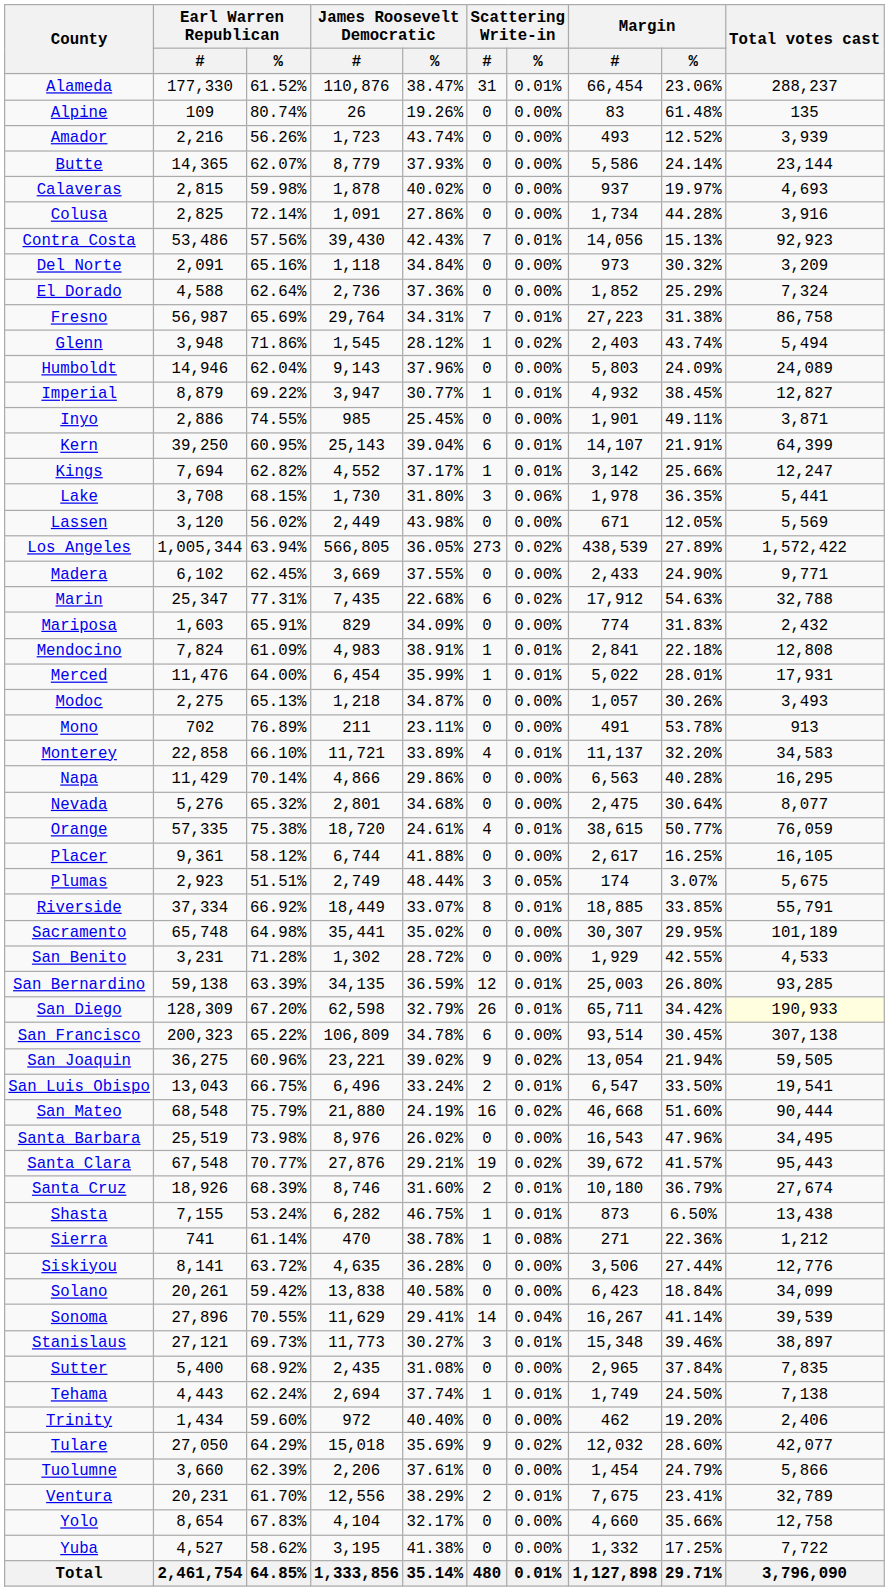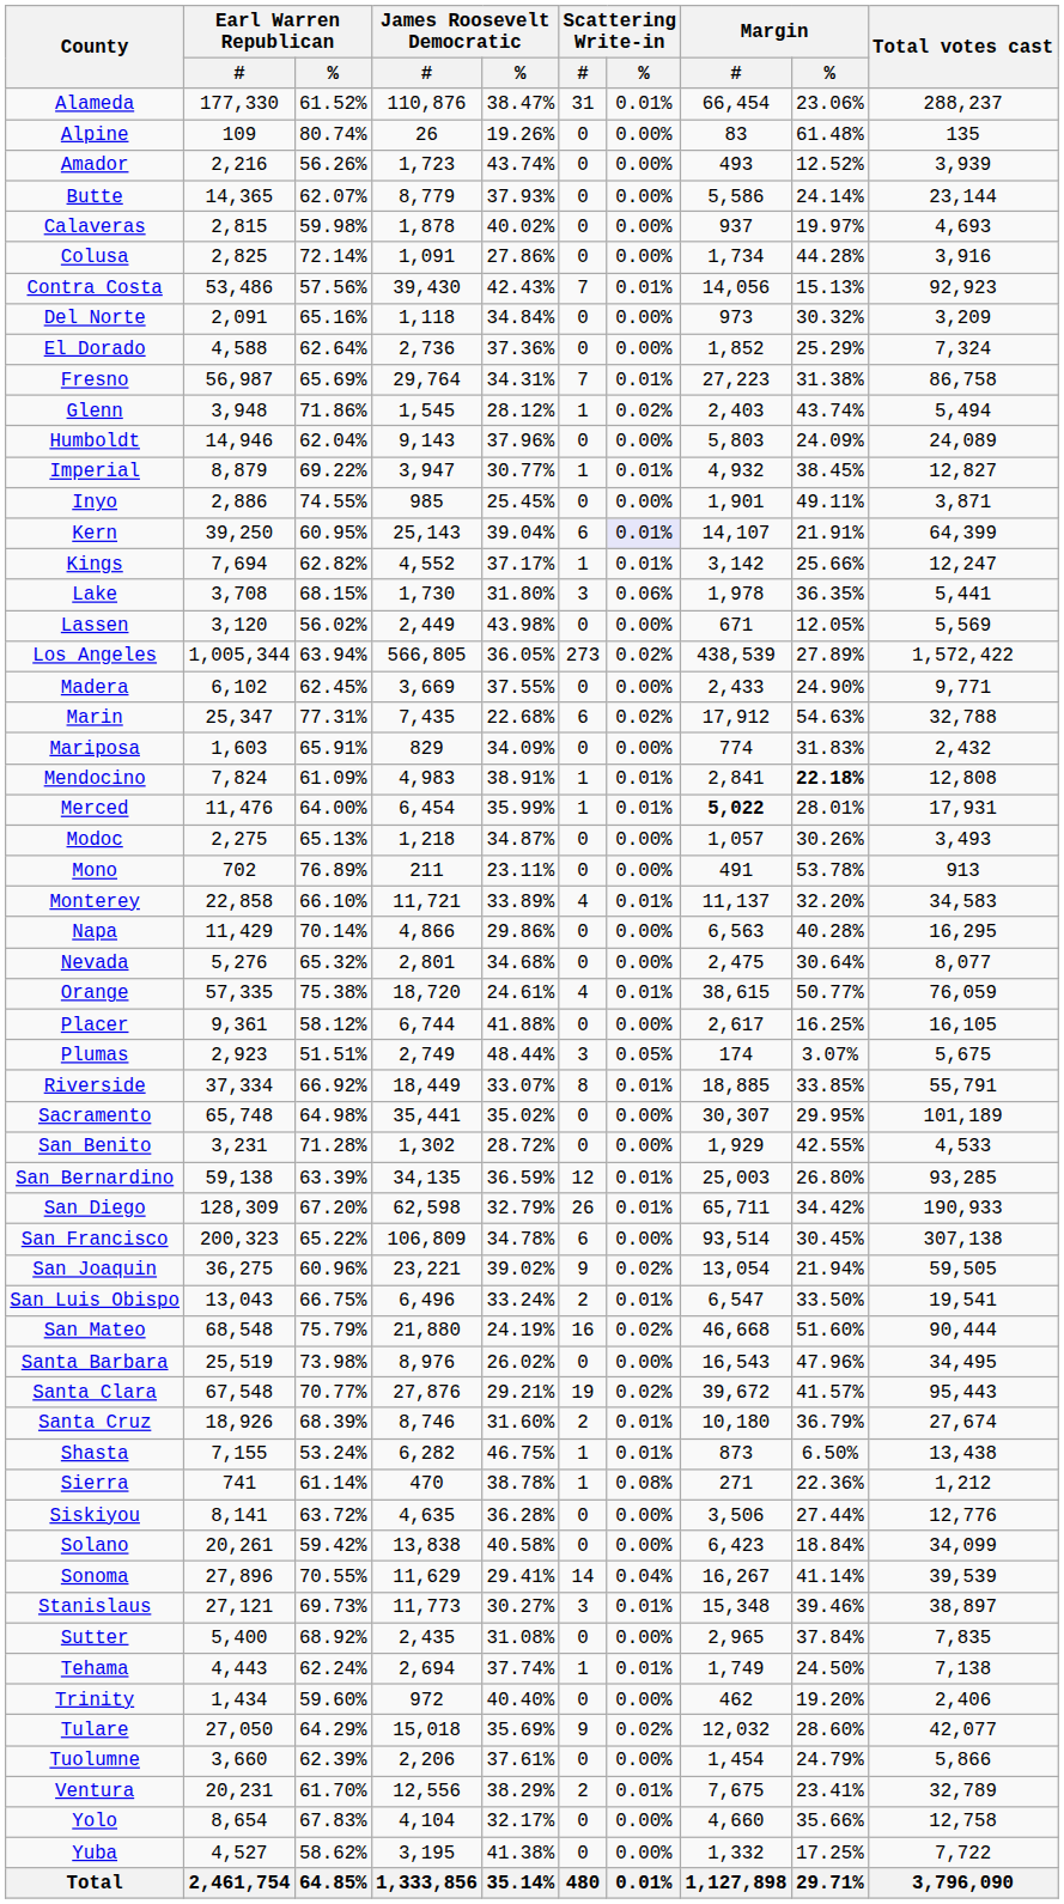 <table class="wikitable sortable" style="text-align:center">
 <tr>
 <th rowspan="2">County</th>
 <th style="text-align:center;" colspan="2">Earl Warren<br>Republican</th>
 <th style="text-align:center;" colspan="2">James Roosevelt<br>Democratic</th>
 <th style="text-align:center;" colspan="2">Scattering<br>Write-in</th>
 <th style="text-align:center;" colspan="2">Margin</th>
 <th style="text-align:center;" rowspan="2">Total votes cast</th>
 </tr>
 <tr>
 <th style="text-align:center;" data-sort-type="number">#</th>
 <th style="text-align:center;" data-sort-type="number">%</th>
 <th style="text-align:center;" data-sort-type="number">#</th>
 <th style="text-align:center;" data-sort-type="number">%</th>
 <th style="text-align:center;" data-sort-type="number">#</th>
 <th style="text-align:center;" data-sort-type="number">%</th>
 <th style="text-align:center;" data-sort-type="number">#</th>
 <th style="text-align:center;" data-sort-type="number">%</th>
 </tr>
 <tr style="text-align:center;">
 <td><a href='#'>Alameda</a></td>
 <td>177,330</td>
 <td>61.52%</td>
 <td>110,876</td>
 <td>38.47%</td>
 <td>31</td>
 <td>0.01%</td>
 <td>66,454</td>
 <td>23.06%</td>
 <td>288,237</td>
 </tr>
 <tr style="text-align:center;">
 <td><a href='#'>Alpine</a></td>
 <td>109</td>
 <td>80.74%</td>
 <td>26</td>
 <td>19.26%</td>
 <td>0</td>
 <td>0.00%</td>
 <td>83</td>
 <td>61.48%</td>
 <td>135</td>
 </tr>
 <tr style="text-align:center;">
 <td><a href='#'>Amador</a></td>
 <td>2,216</td>
 <td>56.26%</td>
 <td>1,723</td>
 <td>43.74%</td>
 <td>0</td>
 <td>0.00%</td>
 <td>493</td>
 <td>12.52%</td>
 <td>3,939</td>
 </tr>
 <tr style="text-align:center;">
 <td><a href='#'>Butte</a></td>
 <td>14,365</td>
 <td>62.07%</td>
 <td>8,779</td>
 <td>37.93%</td>
 <td>0</td>
 <td>0.00%</td>
 <td>5,586</td>
 <td>24.14%</td>
 <td>23,144</td>
 </tr>
 <tr style="text-align:center;">
 <td><a href='#'>Calaveras</a></td>
 <td>2,815</td>
 <td>59.98%</td>
 <td>1,878</td>
 <td>40.02%</td>
 <td>0</td>
 <td>0.00%</td>
 <td>937</td>
 <td>19.97%</td>
 <td>4,693</td>
 </tr>
 <tr style="text-align:center;">
 <td><a href='#'>Colusa</a></td>
 <td>2,825</td>
 <td>72.14%</td>
 <td>1,091</td>
 <td>27.86%</td>
 <td>0</td>
 <td>0.00%</td>
 <td>1,734</td>
 <td>44.28%</td>
 <td>3,916</td>
 </tr>
 <tr style="text-align:center;">
 <td><a href='#'>Contra Costa</a></td>
 <td>53,486</td>
 <td>57.56%</td>
 <td>39,430</td>
 <td>42.43%</td>
 <td>7</td>
 <td>0.01%</td>
 <td>14,056</td>
 <td>15.13%</td>
 <td>92,923</td>
 </tr>
 <tr style="text-align:center;">
 <td><a href='#'>Del Norte</a></td>
 <td>2,091</td>
 <td>65.16%</td>
 <td>1,118</td>
 <td>34.84%</td>
 <td>0</td>
 <td>0.00%</td>
 <td>973</td>
 <td>30.32%</td>
 <td>3,209</td>
 </tr>
 <tr style="text-align:center;">
 <td><a href='#'>El Dorado</a></td>
 <td>4,588</td>
 <td>62.64%</td>
 <td>2,736</td>
 <td>37.36%</td>
 <td>0</td>
 <td>0.00%</td>
 <td>1,852</td>
 <td>25.29%</td>
 <td>7,324</td>
 </tr>
 <tr style="text-align:center;">
 <td><a href='#'>Fresno</a></td>
 <td>56,987</td>
 <td>65.69%</td>
 <td>29,764</td>
 <td>34.31%</td>
 <td>7</td>
 <td>0.01%</td>
 <td>27,223</td>
 <td>31.38%</td>
 <td>86,758</td>
 </tr>
 <tr style="text-align:center;">
 <td><a href='#'>Glenn</a></td>
 <td>3,948</td>
 <td>71.86%</td>
 <td>1,545</td>
 <td>28.12%</td>
 <td>1</td>
 <td>0.02%</td>
 <td>2,403</td>
 <td>43.74%</td>
 <td>5,494</td>
 </tr>
 <tr style="text-align:center;">
 <td><a href='#'>Humboldt</a></td>
 <td>14,946</td>
 <td>62.04%</td>
 <td>9,143</td>
 <td>37.96%</td>
 <td>0</td>
 <td>0.00%</td>
 <td>5,803</td>
 <td>24.09%</td>
 <td>24,089</td>
 </tr>
 <tr style="text-align:center;">
 <td><a href='#'>Imperial</a></td>
 <td>8,879</td>
 <td>69.22%</td>
 <td>3,947</td>
 <td>30.77%</td>
 <td>1</td>
 <td>0.01%</td>
 <td>4,932</td>
 <td>38.45%</td>
 <td>12,827</td>
 </tr>
 <tr style="text-align:center;">
 <td><a href='#'>Inyo</a></td>
 <td>2,886</td>
 <td>74.55%</td>
 <td>985</td>
 <td>25.45%</td>
 <td>0</td>
 <td>0.00%</td>
 <td>1,901</td>
 <td>49.11%</td>
 <td>3,871</td>
 </tr>
 <tr style="text-align:center;">
 <td><a href='#'>Kern</a></td>
 <td>39,250</td>
 <td>60.95%</td>
 <td>25,143</td>
 <td>39.04%</td>
 <td>6</td>
-<td>0.01%</td>
+<td style="background: lavender;">0.01%</td>
 <td>14,107</td>
 <td>21.91%</td>
 <td>64,399</td>
 </tr>
 <tr style="text-align:center;">
 <td><a href='#'>Kings</a></td>
 <td>7,694</td>
 <td>62.82%</td>
 <td>4,552</td>
 <td>37.17%</td>
 <td>1</td>
 <td>0.01%</td>
 <td>3,142</td>
 <td>25.66%</td>
 <td>12,247</td>
 </tr>
 <tr style="text-align:center;">
 <td><a href='#'>Lake</a></td>
 <td>3,708</td>
 <td>68.15%</td>
 <td>1,730</td>
 <td>31.80%</td>
 <td>3</td>
 <td>0.06%</td>
 <td>1,978</td>
 <td>36.35%</td>
 <td>5,441</td>
 </tr>
 <tr style="text-align:center;">
 <td><a href='#'>Lassen</a></td>
 <td>3,120</td>
 <td>56.02%</td>
 <td>2,449</td>
 <td>43.98%</td>
 <td>0</td>
 <td>0.00%</td>
 <td>671</td>
 <td>12.05%</td>
 <td>5,569</td>
 </tr>
 <tr style="text-align:center;">
 <td><a href='#'>Los Angeles</a></td>
 <td>1,005,344</td>
 <td>63.94%</td>
 <td>566,805</td>
 <td>36.05%</td>
 <td>273</td>
 <td>0.02%</td>
 <td>438,539</td>
 <td>27.89%</td>
 <td>1,572,422</td>
 </tr>
 <tr style="text-align:center;">
 <td><a href='#'>Madera</a></td>
 <td>6,102</td>
 <td>62.45%</td>
 <td>3,669</td>
 <td>37.55%</td>
 <td>0</td>
 <td>0.00%</td>
 <td>2,433</td>
 <td>24.90%</td>
 <td>9,771</td>
 </tr>
 <tr style="text-align:center;">
 <td><a href='#'>Marin</a></td>
 <td>25,347</td>
 <td>77.31%</td>
 <td>7,435</td>
 <td>22.68%</td>
 <td>6</td>
 <td>0.02%</td>
 <td>17,912</td>
 <td>54.63%</td>
 <td>32,788</td>
 </tr>
 <tr style="text-align:center;">
 <td><a href='#'>Mariposa</a></td>
 <td>1,603</td>
 <td>65.91%</td>
 <td>829</td>
 <td>34.09%</td>
 <td>0</td>
 <td>0.00%</td>
 <td>774</td>
 <td>31.83%</td>
 <td>2,432</td>
 </tr>
 <tr style="text-align:center;">
 <td><a href='#'>Mendocino</a></td>
 <td>7,824</td>
 <td>61.09%</td>
 <td>4,983</td>
 <td>38.91%</td>
 <td>1</td>
 <td>0.01%</td>
 <td>2,841</td>
-<td>22.18%</td>
+<td><strong>22.18%</strong></td>
 <td>12,808</td>
 </tr>
 <tr style="text-align:center;">
 <td><a href='#'>Merced</a></td>
 <td>11,476</td>
 <td>64.00%</td>
 <td>6,454</td>
 <td>35.99%</td>
 <td>1</td>
 <td>0.01%</td>
-<td>5,022</td>
+<td><strong>5,022</strong></td>
 <td>28.01%</td>
 <td>17,931</td>
 </tr>
 <tr style="text-align:center;">
 <td><a href='#'>Modoc</a></td>
 <td>2,275</td>
 <td>65.13%</td>
 <td>1,218</td>
 <td>34.87%</td>
 <td>0</td>
 <td>0.00%</td>
 <td>1,057</td>
 <td>30.26%</td>
 <td>3,493</td>
 </tr>
 <tr style="text-align:center;">
 <td><a href='#'>Mono</a></td>
 <td>702</td>
 <td>76.89%</td>
 <td>211</td>
 <td>23.11%</td>
 <td>0</td>
 <td>0.00%</td>
 <td>491</td>
 <td>53.78%</td>
 <td>913</td>
 </tr>
 <tr style="text-align:center;">
 <td><a href='#'>Monterey</a></td>
 <td>22,858</td>
 <td>66.10%</td>
 <td>11,721</td>
 <td>33.89%</td>
 <td>4</td>
 <td>0.01%</td>
 <td>11,137</td>
 <td>32.20%</td>
 <td>34,583</td>
 </tr>
 <tr style="text-align:center;">
 <td><a href='#'>Napa</a></td>
 <td>11,429</td>
 <td>70.14%</td>
 <td>4,866</td>
 <td>29.86%</td>
 <td>0</td>
 <td>0.00%</td>
 <td>6,563</td>
 <td>40.28%</td>
 <td>16,295</td>
 </tr>
 <tr style="text-align:center;">
 <td><a href='#'>Nevada</a></td>
 <td>5,276</td>
 <td>65.32%</td>
 <td>2,801</td>
 <td>34.68%</td>
 <td>0</td>
 <td>0.00%</td>
 <td>2,475</td>
 <td>30.64%</td>
 <td>8,077</td>
 </tr>
 <tr style="text-align:center;">
 <td><a href='#'>Orange</a></td>
 <td>57,335</td>
 <td>75.38%</td>
 <td>18,720</td>
 <td>24.61%</td>
 <td>4</td>
 <td>0.01%</td>
 <td>38,615</td>
 <td>50.77%</td>
 <td>76,059</td>
 </tr>
 <tr style="text-align:center;">
 <td><a href='#'>Placer</a></td>
 <td>9,361</td>
 <td>58.12%</td>
 <td>6,744</td>
 <td>41.88%</td>
 <td>0</td>
 <td>0.00%</td>
 <td>2,617</td>
 <td>16.25%</td>
 <td>16,105</td>
 </tr>
 <tr style="text-align:center;">
 <td><a href='#'>Plumas</a></td>
 <td>2,923</td>
 <td>51.51%</td>
 <td>2,749</td>
 <td>48.44%</td>
 <td>3</td>
 <td>0.05%</td>
 <td>174</td>
 <td>3.07%</td>
 <td>5,675</td>
 </tr>
 <tr style="text-align:center;">
 <td><a href='#'>Riverside</a></td>
 <td>37,334</td>
 <td>66.92%</td>
 <td>18,449</td>
 <td>33.07%</td>
 <td>8</td>
 <td>0.01%</td>
 <td>18,885</td>
 <td>33.85%</td>
 <td>55,791</td>
 </tr>
 <tr style="text-align:center;">
 <td><a href='#'>Sacramento</a></td>
 <td>65,748</td>
 <td>64.98%</td>
 <td>35,441</td>
 <td>35.02%</td>
 <td>0</td>
 <td>0.00%</td>
 <td>30,307</td>
 <td>29.95%</td>
 <td>101,189</td>
 </tr>
 <tr style="text-align:center;">
 <td><a href='#'>San Benito</a></td>
 <td>3,231</td>
 <td>71.28%</td>
 <td>1,302</td>
 <td>28.72%</td>
 <td>0</td>
 <td>0.00%</td>
 <td>1,929</td>
 <td>42.55%</td>
 <td>4,533</td>
 </tr>
 <tr style="text-align:center;">
 <td><a href='#'>San Bernardino</a></td>
 <td>59,138</td>
 <td>63.39%</td>
 <td>34,135</td>
 <td>36.59%</td>
 <td>12</td>
 <td>0.01%</td>
 <td>25,003</td>
 <td>26.80%</td>
 <td>93,285</td>
 </tr>
 <tr style="text-align:center;">
 <td><a href='#'>San Diego</a></td>
 <td>128,309</td>
 <td>67.20%</td>
 <td>62,598</td>
 <td>32.79%</td>
 <td>26</td>
 <td>0.01%</td>
 <td>65,711</td>
 <td>34.42%</td>
-<td style="background: lightyellow;">190,933</td>
+<td>190,933</td>
 </tr>
 <tr style="text-align:center;">
 <td><a href='#'>San Francisco</a></td>
 <td>200,323</td>
 <td>65.22%</td>
 <td>106,809</td>
 <td>34.78%</td>
 <td>6</td>
 <td>0.00%</td>
 <td>93,514</td>
 <td>30.45%</td>
 <td>307,138</td>
 </tr>
 <tr style="text-align:center;">
 <td><a href='#'>San Joaquin</a></td>
 <td>36,275</td>
 <td>60.96%</td>
 <td>23,221</td>
 <td>39.02%</td>
 <td>9</td>
 <td>0.02%</td>
 <td>13,054</td>
 <td>21.94%</td>
 <td>59,505</td>
 </tr>
 <tr style="text-align:center;">
 <td><a href='#'>San Luis Obispo</a></td>
 <td>13,043</td>
 <td>66.75%</td>
 <td>6,496</td>
 <td>33.24%</td>
 <td>2</td>
 <td>0.01%</td>
 <td>6,547</td>
 <td>33.50%</td>
 <td>19,541</td>
 </tr>
 <tr style="text-align:center;">
 <td><a href='#'>San Mateo</a></td>
 <td>68,548</td>
 <td>75.79%</td>
 <td>21,880</td>
 <td>24.19%</td>
 <td>16</td>
 <td>0.02%</td>
 <td>46,668</td>
 <td>51.60%</td>
 <td>90,444</td>
 </tr>
 <tr style="text-align:center;">
 <td><a href='#'>Santa Barbara</a></td>
 <td>25,519</td>
 <td>73.98%</td>
 <td>8,976</td>
 <td>26.02%</td>
 <td>0</td>
 <td>0.00%</td>
 <td>16,543</td>
 <td>47.96%</td>
 <td>34,495</td>
 </tr>
 <tr style="text-align:center;">
 <td><a href='#'>Santa Clara</a></td>
 <td>67,548</td>
 <td>70.77%</td>
 <td>27,876</td>
 <td>29.21%</td>
 <td>19</td>
 <td>0.02%</td>
 <td>39,672</td>
 <td>41.57%</td>
 <td>95,443</td>
 </tr>
 <tr style="text-align:center;">
 <td><a href='#'>Santa Cruz</a></td>
 <td>18,926</td>
 <td>68.39%</td>
 <td>8,746</td>
 <td>31.60%</td>
 <td>2</td>
 <td>0.01%</td>
 <td>10,180</td>
 <td>36.79%</td>
 <td>27,674</td>
 </tr>
 <tr style="text-align:center;">
 <td><a href='#'>Shasta</a></td>
 <td>7,155</td>
 <td>53.24%</td>
 <td>6,282</td>
 <td>46.75%</td>
 <td>1</td>
 <td>0.01%</td>
 <td>873</td>
 <td>6.50%</td>
 <td>13,438</td>
 </tr>
 <tr style="text-align:center;">
 <td><a href='#'>Sierra</a></td>
 <td>741</td>
 <td>61.14%</td>
 <td>470</td>
 <td>38.78%</td>
 <td>1</td>
 <td>0.08%</td>
 <td>271</td>
 <td>22.36%</td>
 <td>1,212</td>
 </tr>
 <tr style="text-align:center;">
 <td><a href='#'>Siskiyou</a></td>
 <td>8,141</td>
 <td>63.72%</td>
 <td>4,635</td>
 <td>36.28%</td>
 <td>0</td>
 <td>0.00%</td>
 <td>3,506</td>
 <td>27.44%</td>
 <td>12,776</td>
 </tr>
 <tr style="text-align:center;">
 <td><a href='#'>Solano</a></td>
 <td>20,261</td>
 <td>59.42%</td>
 <td>13,838</td>
 <td>40.58%</td>
 <td>0</td>
 <td>0.00%</td>
 <td>6,423</td>
 <td>18.84%</td>
 <td>34,099</td>
 </tr>
 <tr style="text-align:center;">
 <td><a href='#'>Sonoma</a></td>
 <td>27,896</td>
 <td>70.55%</td>
 <td>11,629</td>
 <td>29.41%</td>
 <td>14</td>
 <td>0.04%</td>
 <td>16,267</td>
 <td>41.14%</td>
 <td>39,539</td>
 </tr>
 <tr style="text-align:center;">
 <td><a href='#'>Stanislaus</a></td>
 <td>27,121</td>
 <td>69.73%</td>
 <td>11,773</td>
 <td>30.27%</td>
 <td>3</td>
 <td>0.01%</td>
 <td>15,348</td>
 <td>39.46%</td>
 <td>38,897</td>
 </tr>
 <tr style="text-align:center;">
 <td><a href='#'>Sutter</a></td>
 <td>5,400</td>
 <td>68.92%</td>
 <td>2,435</td>
 <td>31.08%</td>
 <td>0</td>
 <td>0.00%</td>
 <td>2,965</td>
 <td>37.84%</td>
 <td>7,835</td>
 </tr>
 <tr style="text-align:center;">
 <td><a href='#'>Tehama</a></td>
 <td>4,443</td>
 <td>62.24%</td>
 <td>2,694</td>
 <td>37.74%</td>
 <td>1</td>
 <td>0.01%</td>
 <td>1,749</td>
 <td>24.50%</td>
 <td>7,138</td>
 </tr>
 <tr style="text-align:center;">
 <td><a href='#'>Trinity</a></td>
 <td>1,434</td>
 <td>59.60%</td>
 <td>972</td>
 <td>40.40%</td>
 <td>0</td>
 <td>0.00%</td>
 <td>462</td>
 <td>19.20%</td>
 <td>2,406</td>
 </tr>
 <tr style="text-align:center;">
 <td><a href='#'>Tulare</a></td>
 <td>27,050</td>
 <td>64.29%</td>
 <td>15,018</td>
 <td>35.69%</td>
 <td>9</td>
 <td>0.02%</td>
 <td>12,032</td>
 <td>28.60%</td>
 <td>42,077</td>
 </tr>
 <tr style="text-align:center;">
 <td><a href='#'>Tuolumne</a></td>
 <td>3,660</td>
 <td>62.39%</td>
 <td>2,206</td>
 <td>37.61%</td>
 <td>0</td>
 <td>0.00%</td>
 <td>1,454</td>
 <td>24.79%</td>
 <td>5,866</td>
 </tr>
 <tr style="text-align:center;">
 <td><a href='#'>Ventura</a></td>
 <td>20,231</td>
 <td>61.70%</td>
 <td>12,556</td>
 <td>38.29%</td>
 <td>2</td>
 <td>0.01%</td>
 <td>7,675</td>
 <td>23.41%</td>
 <td>32,789</td>
 </tr>
 <tr style="text-align:center;">
 <td><a href='#'>Yolo</a></td>
 <td>8,654</td>
 <td>67.83%</td>
 <td>4,104</td>
 <td>32.17%</td>
 <td>0</td>
 <td>0.00%</td>
 <td>4,660</td>
 <td>35.66%</td>
 <td>12,758</td>
 </tr>
 <tr style="text-align:center;">
 <td><a href='#'>Yuba</a></td>
 <td>4,527</td>
 <td>58.62%</td>
 <td>3,195</td>
 <td>41.38%</td>
 <td>0</td>
 <td>0.00%</td>
 <td>1,332</td>
 <td>17.25%</td>
 <td>7,722</td>
 </tr>
 <tr style="text-align:center;">
 <th>Total</th>
 <th>2,461,754</th>
 <th>64.85%</th>
 <th>1,333,856</th>
 <th>35.14%</th>
 <th>480</th>
 <th>0.01%</th>
 <th>1,127,898</th>
 <th>29.71%</th>
 <th>3,796,090</th>
 </tr>
 </table>
